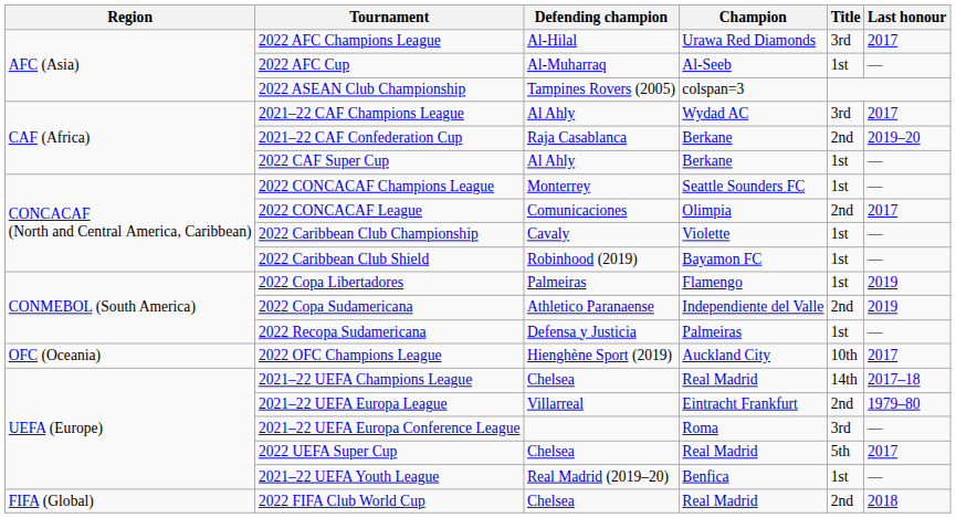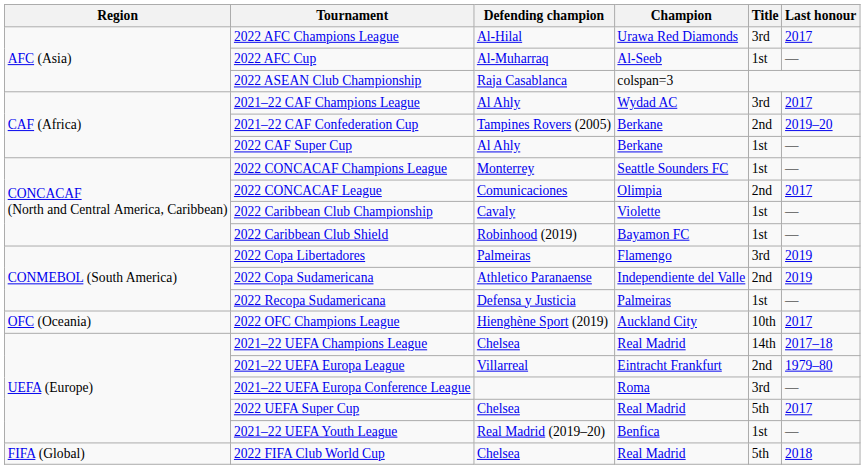 <table class=wikitable style="font-size:14px">
 <tr>
 <th>Region</th>
 <th>Tournament</th>
 <th>Defending champion</th>
 <th>Champion</th>
 <th>Title</th>
 <th>Last honour</th>
 </tr>
 <tr>
 <td rowspan=3><a href='#'>AFC</a> (Asia)</td>
 <td><a href='#'>2022 AFC Champions League</a></td>
 <td> <a href='#'>Al-Hilal</a></td>
 <td> <a href='#'>Urawa Red Diamonds</a></td>
 <td>3rd</td>
 <td><a href='#'>2017</a></td>
 </tr>
 <tr>
 <td><a href='#'>2022 AFC Cup</a></td>
 <td> <a href='#'>Al-Muharraq</a></td>
 <td> <a href='#'>Al-Seeb</a></td>
 <td>1st</td>
 <td>—</td>
 </tr>
 <tr>
 <td><a href='#'>2022 ASEAN Club Championship</a></td>
-<td> <a href='#'>Tampines Rovers</a> (2005)</td>
+<td> <a href='#'>Raja Casablanca</a></td>
 <td>colspan=3 </td>
 </tr>
 <tr>
 <td rowspan=3><a href='#'>CAF</a> (Africa)</td>
 <td><a href='#'>2021–22 CAF Champions League</a></td>
 <td> <a href='#'>Al Ahly</a></td>
 <td> <a href='#'>Wydad AC</a></td>
 <td>3rd</td>
 <td><a href='#'>2017</a></td>
 </tr>
 <tr>
 <td><a href='#'>2021–22 CAF Confederation Cup</a></td>
-<td> <a href='#'>Raja Casablanca</a></td>
+<td> <a href='#'>Tampines Rovers</a> (2005)</td>
 <td> <a href='#'>Berkane</a></td>
 <td>2nd</td>
 <td><a href='#'>2019–20</a></td>
 </tr>
 <tr>
 <td><a href='#'>2022 CAF Super Cup</a></td>
 <td> <a href='#'>Al Ahly</a></td>
 <td> <a href='#'>Berkane</a></td>
 <td>1st</td>
 <td>—</td>
 </tr>
 <tr>
 <td rowspan=4><a href='#'>CONCACAF</a><br>(North and Central America, Caribbean)</td>
 <td><a href='#'>2022 CONCACAF Champions League</a></td>
 <td> <a href='#'>Monterrey</a></td>
 <td> <a href='#'>Seattle Sounders FC</a></td>
 <td>1st</td>
 <td>—</td>
 </tr>
 <tr>
 <td><a href='#'>2022 CONCACAF League</a></td>
 <td> <a href='#'>Comunicaciones</a></td>
 <td> <a href='#'>Olimpia</a></td>
 <td>2nd</td>
 <td><a href='#'>2017</a></td>
 </tr>
 <tr>
 <td><a href='#'>2022 Caribbean Club Championship</a></td>
 <td> <a href='#'>Cavaly</a></td>
 <td> <a href='#'>Violette</a></td>
 <td>1st</td>
 <td>—</td>
 </tr>
 <tr>
 <td><a href='#'>2022 Caribbean Club Shield</a></td>
 <td> <a href='#'>Robinhood</a> (2019)</td>
 <td> <a href='#'>Bayamon FC</a></td>
 <td>1st</td>
 <td>—</td>
 </tr>
 <tr>
 <td rowspan=3><a href='#'>CONMEBOL</a> (South America)</td>
 <td><a href='#'>2022 Copa Libertadores</a></td>
 <td> <a href='#'>Palmeiras</a></td>
 <td> <a href='#'>Flamengo</a></td>
-<td>1st</td>
+<td>3rd</td>
 <td><a href='#'>2019</a></td>
 </tr>
 <tr>
 <td><a href='#'>2022 Copa Sudamericana</a></td>
 <td> <a href='#'>Athletico Paranaense</a></td>
 <td> <a href='#'>Independiente del Valle</a></td>
 <td>2nd</td>
 <td><a href='#'>2019</a></td>
 </tr>
 <tr>
 <td><a href='#'>2022 Recopa Sudamericana</a></td>
 <td> <a href='#'>Defensa y Justicia</a></td>
 <td> <a href='#'>Palmeiras</a></td>
 <td>1st</td>
 <td>—</td>
 </tr>
 <tr>
 <td><a href='#'>OFC</a> (Oceania)</td>
 <td><a href='#'>2022 OFC Champions League</a></td>
 <td> <a href='#'>Hienghène Sport</a> (2019)</td>
 <td> <a href='#'>Auckland City</a></td>
 <td>10th</td>
 <td><a href='#'>2017</a></td>
 </tr>
 <tr>
 <td rowspan=5><a href='#'>UEFA</a> (Europe)</td>
 <td><a href='#'>2021–22 UEFA Champions League</a></td>
 <td> <a href='#'>Chelsea</a></td>
 <td> <a href='#'>Real Madrid</a></td>
 <td>14th</td>
 <td><a href='#'>2017–18</a></td>
 </tr>
 <tr>
 <td><a href='#'>2021–22 UEFA Europa League</a></td>
 <td> <a href='#'>Villarreal</a></td>
 <td> <a href='#'>Eintracht Frankfurt</a></td>
 <td>2nd</td>
 <td><a href='#'>1979–80</a></td>
 </tr>
 <tr>
 <td><a href='#'>2021–22 UEFA Europa Conference League</a></td>
 <td></td>
 <td> <a href='#'>Roma</a></td>
 <td>3rd</td>
 <td>—</td>
 </tr>
 <tr>
 <td><a href='#'>2022 UEFA Super Cup</a></td>
 <td> <a href='#'>Chelsea</a></td>
 <td> <a href='#'>Real Madrid</a></td>
 <td>5th</td>
 <td><a href='#'>2017</a></td>
 </tr>
 <tr>
 <td><a href='#'>2021–22 UEFA Youth League</a></td>
 <td> <a href='#'>Real Madrid</a> (2019–20)</td>
 <td> <a href='#'>Benfica</a></td>
 <td>1st</td>
 <td>—</td>
 </tr>
 <tr>
 <td><a href='#'>FIFA</a> (Global)</td>
 <td><a href='#'>2022 FIFA Club World Cup</a></td>
 <td> <a href='#'>Chelsea</a></td>
 <td> <a href='#'>Real Madrid</a></td>
-<td>2nd</td>
+<td>5th</td>
 <td><a href='#'>2018</a></td>
 </tr>
 </table>
